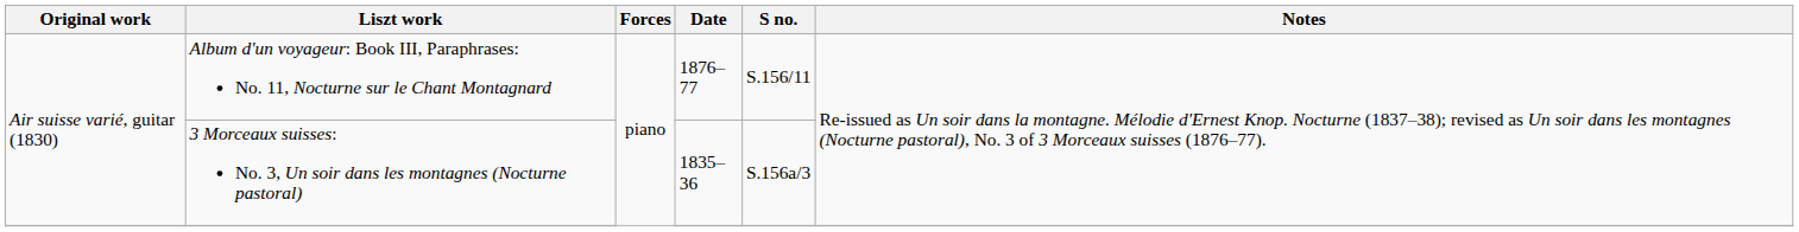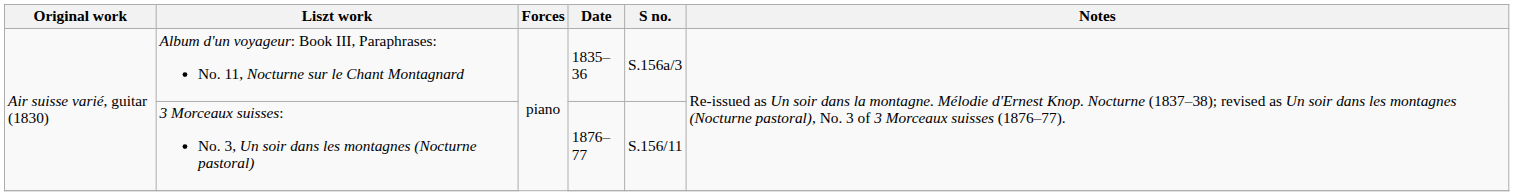 <table class="wikitable">
 <tr>
 <th>Original work</th>
 <th>Liszt work</th>
 <th>Forces</th>
 <th>Date</th>
 <th>S no.</th>
 <th>Notes</th>
 </tr>
 <tr>
 <td rowspan=2><em>Air suisse varié</em>, guitar (1830)</td>
 <td><em>Album d'un voyageur</em>: Book III, Paraphrases:<br><ul><li>No. 11, <em>Nocturne sur le Chant Montagnard</em></li></ul></td>
 <td rowspan=3 style="text-align: center">piano</td>
-<td>1876–77</td>
-<td>S.156/11</td>
+<td>1835–36</td>
+<td>S.156a/3</td>
 <td rowspan=2>Re-issued as <em>Un soir dans la montagne. Mélodie d'Ernest Knop. Nocturne</em> (1837–38); revised as <em>Un soir dans les montagnes (Nocturne pastoral)</em>, No. 3 of <em>3 Morceaux suisses</em> (1876–77).</td>
 </tr>
 <tr>
 <td><em>3 Morceaux suisses</em>:<br><ul><li>No. 3, <em>Un soir dans les montagnes (Nocturne pastoral)</em></li></ul></td>
-<td>1835–36</td>
-<td>S.156a/3</td>
+<td>1876–77</td>
+<td>S.156/11</td>
 </tr>
 <tr>
 </tr>
 </table>
